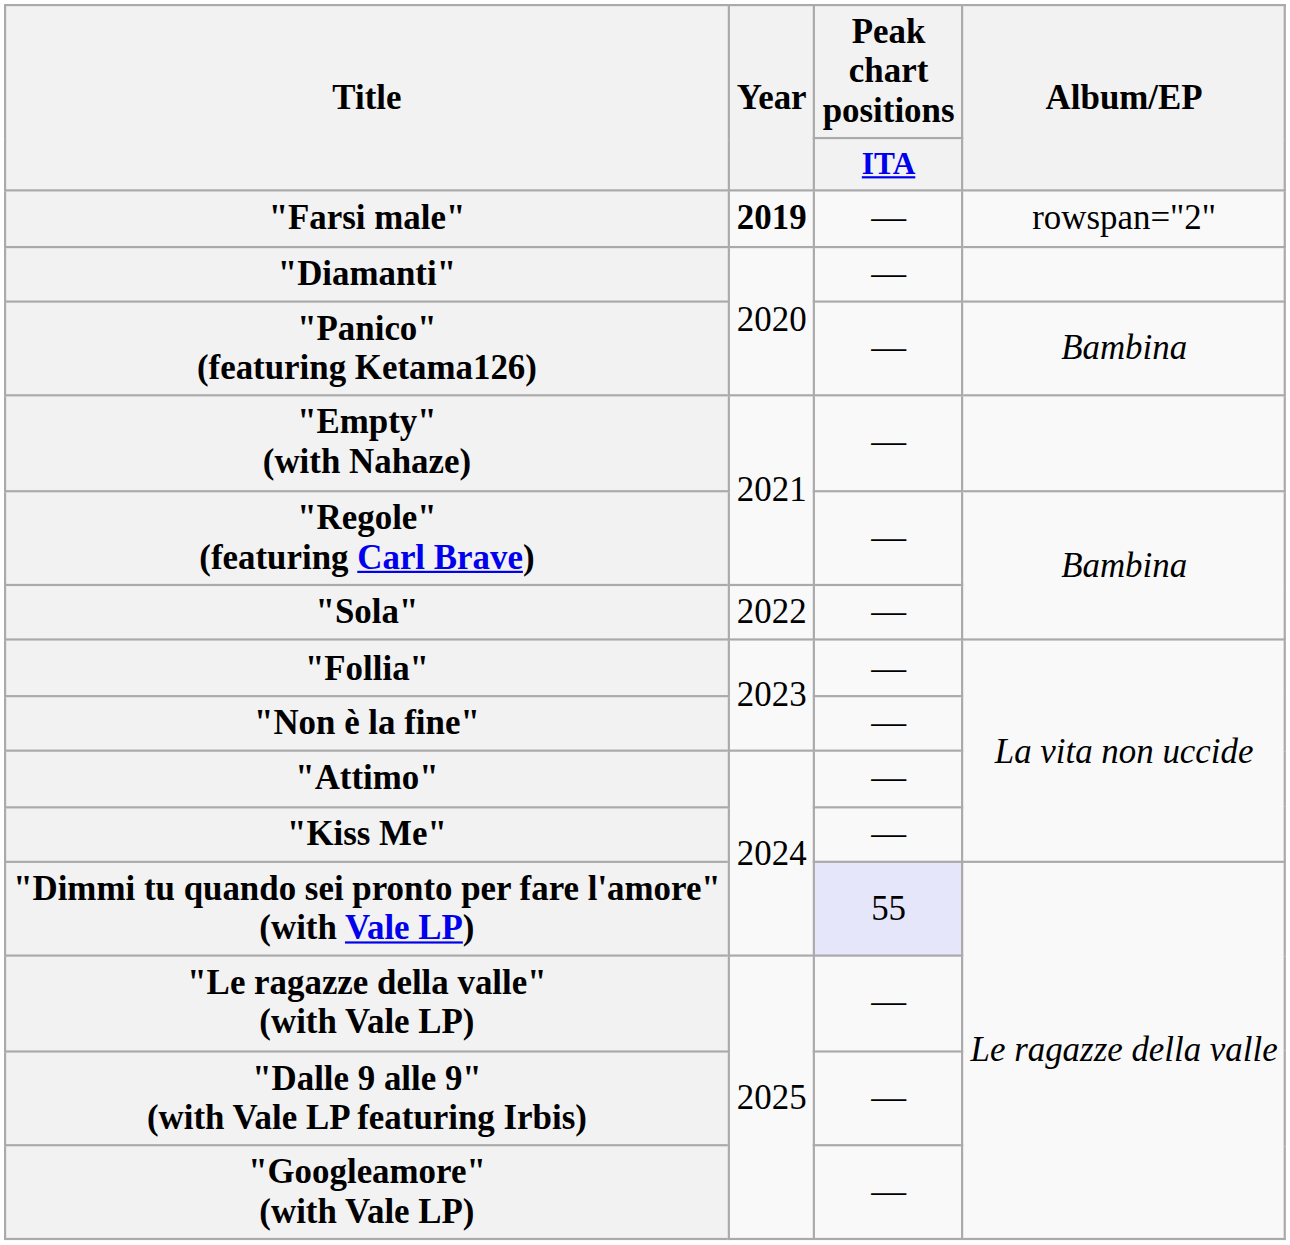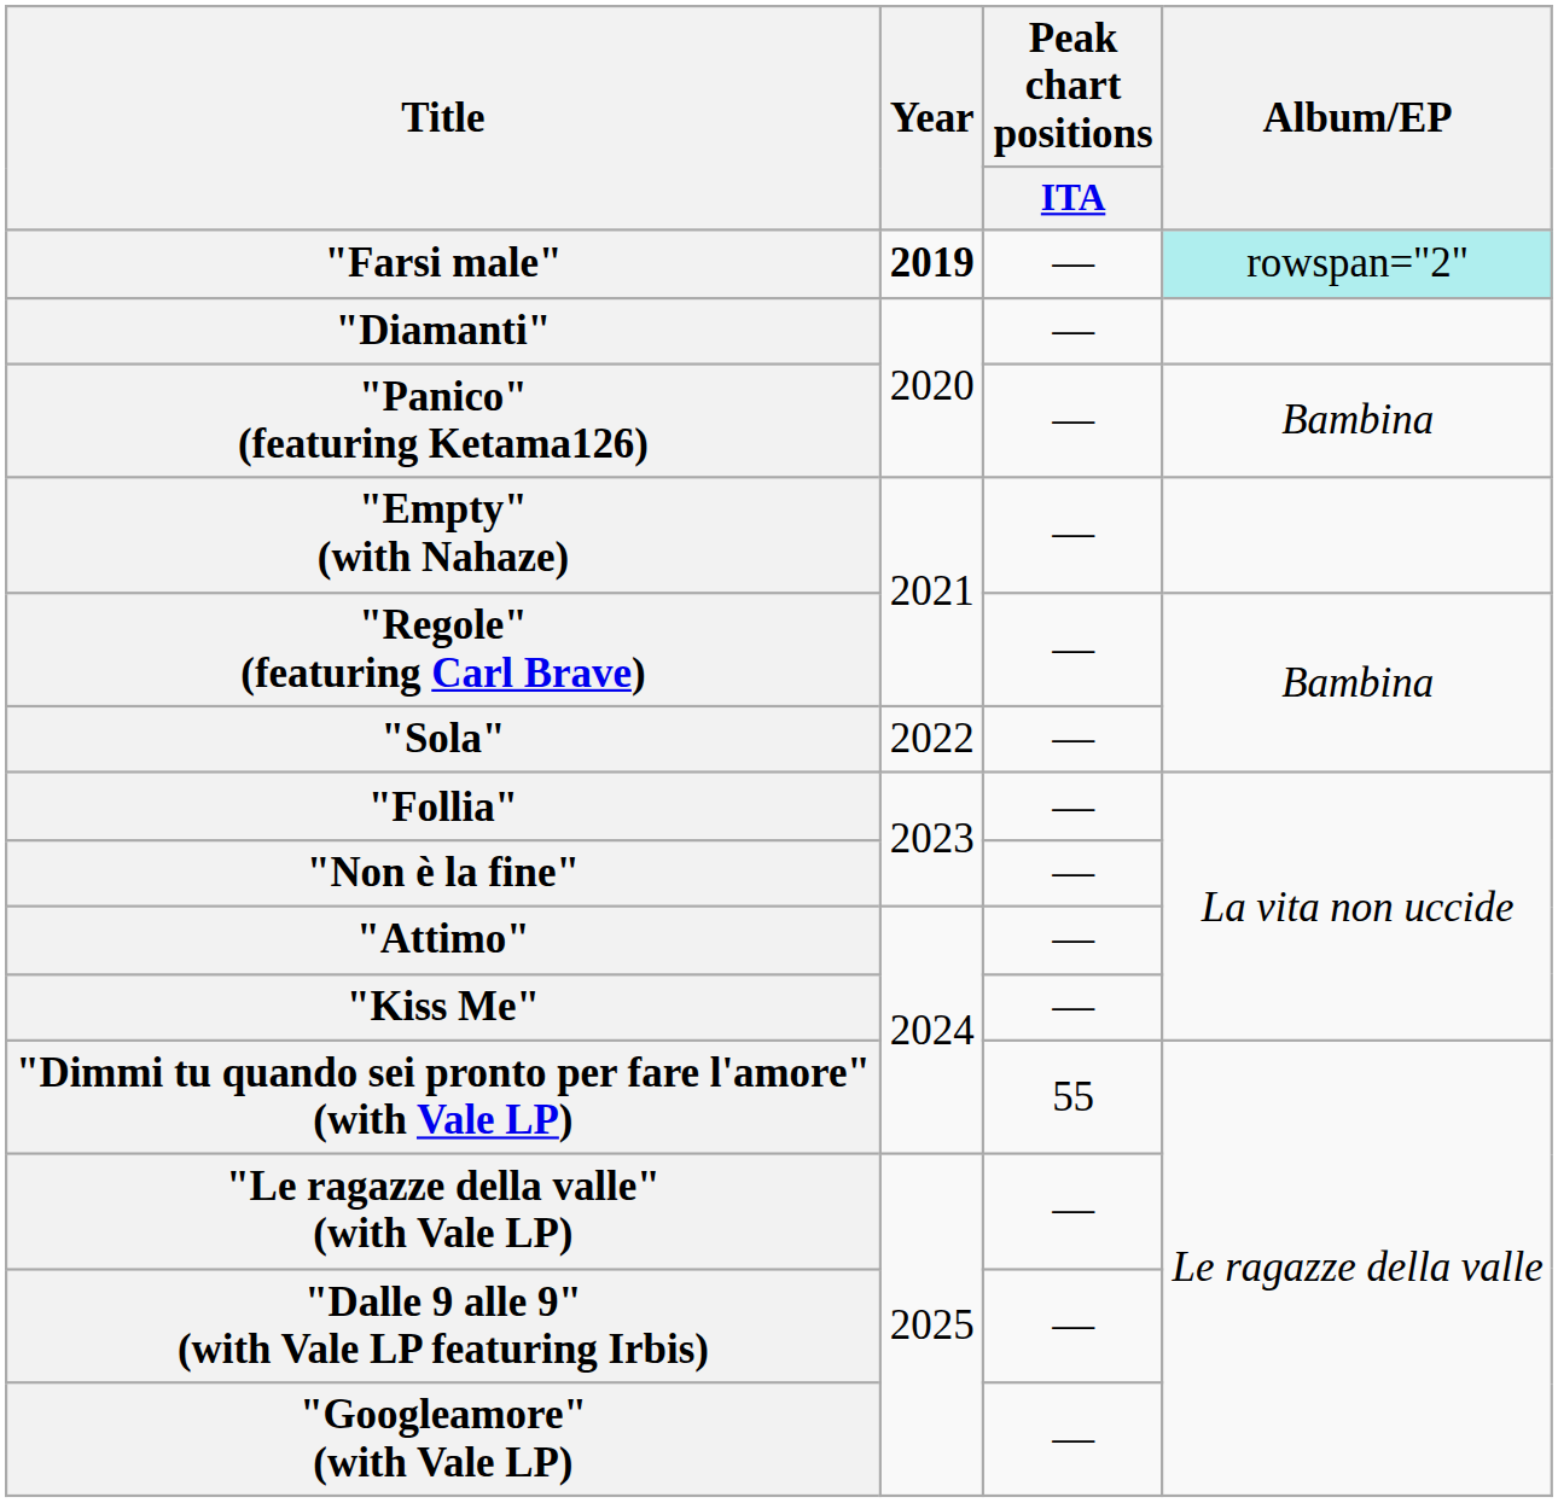 <table class="wikitable plainrowheaders" style="text-align:center;">
 <tr>
 <th scope="col" rowspan="2">Title</th>
 <th scope="col" rowspan="2">Year</th>
 <th scope="col" colspan="1">Peak chart positions</th>
 <th scope="col" rowspan="2">Album/EP</th>
 </tr>
 <tr>
 <th scope="col" style="width:3em;font-size:90%;"><a href='#'>ITA</a><br></th>
 </tr>
 <tr>
 <th scope="row">"Farsi male"</th>
 <td><strong>2019</strong></td>
 <td>—</td>
-<td>rowspan="2" </td>
+<td style="background: paleturquoise;">rowspan="2" </td>
 </tr>
 <tr>
 <th scope="row">"Diamanti"</th>
 <td rowspan="2">2020</td>
 <td>—</td>
 </tr>
 <tr>
 <th scope="row">"Panico"<br>(featuring Ketama126)</th>
 <td>—</td>
 <td><em>Bambina</em></td>
 </tr>
 <tr>
 <th scope="row">"Empty"<br>(with Nahaze)</th>
 <td rowspan="2">2021</td>
 <td>—</td>
 <td></td>
 </tr>
 <tr>
 <th scope="row">"Regole"<br>(featuring <a href='#'>Carl Brave</a>)</th>
 <td>—</td>
 <td rowspan="2"><em>Bambina</em></td>
 </tr>
 <tr>
 <th scope="row">"Sola"</th>
 <td>2022</td>
 <td>—</td>
 </tr>
 <tr>
 <th scope="row">"Follia"</th>
 <td rowspan="2">2023</td>
 <td>—</td>
 <td rowspan="4"><em>La vita non uccide</em></td>
 </tr>
 <tr>
 <th scope="row">"Non è la fine"</th>
 <td>—</td>
 </tr>
 <tr>
 <th scope="row">"Attimo"</th>
 <td rowspan="3">2024</td>
 <td>—</td>
 </tr>
 <tr>
 <th scope="row">"Kiss Me"</th>
 <td>—</td>
 </tr>
 <tr>
 <th scope="row">"Dimmi tu quando sei pronto per fare l'amore"<br>(with <a href='#'>Vale LP</a>)</th>
-<td style="background: lavender;">55</td>
+<td>55</td>
 <td rowspan="4"><em>Le ragazze della valle</em></td>
 </tr>
 <tr>
 <th scope="row">"Le ragazze della valle"<br>(with Vale LP)</th>
 <td rowspan="3">2025</td>
 <td>—</td>
 </tr>
 <tr>
 <th scope="row">"Dalle 9 alle 9"<br>(with Vale LP featuring Irbis)</th>
 <td>—</td>
 </tr>
 <tr>
 <th scope="row">"Googleamore"<br>(with Vale LP)</th>
 <td>—</td>
 </tr>
 </table>
